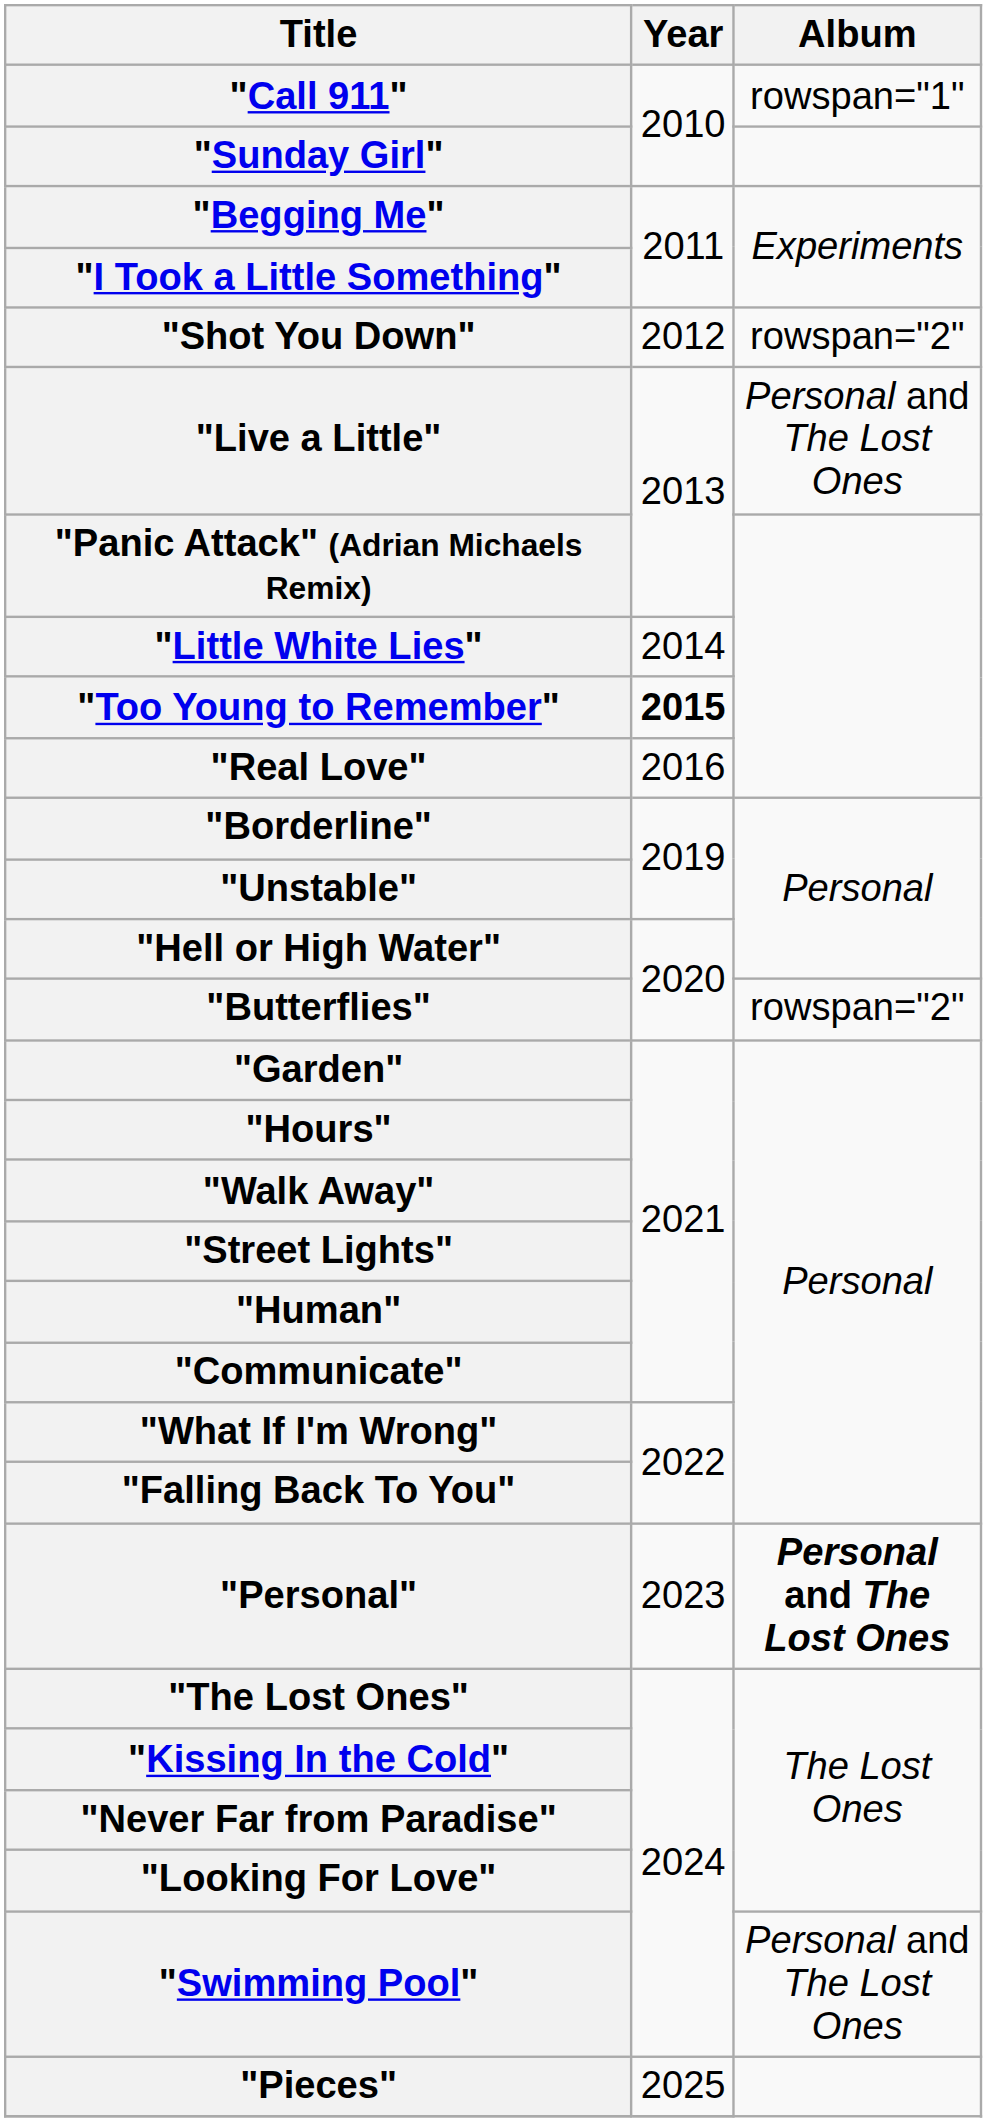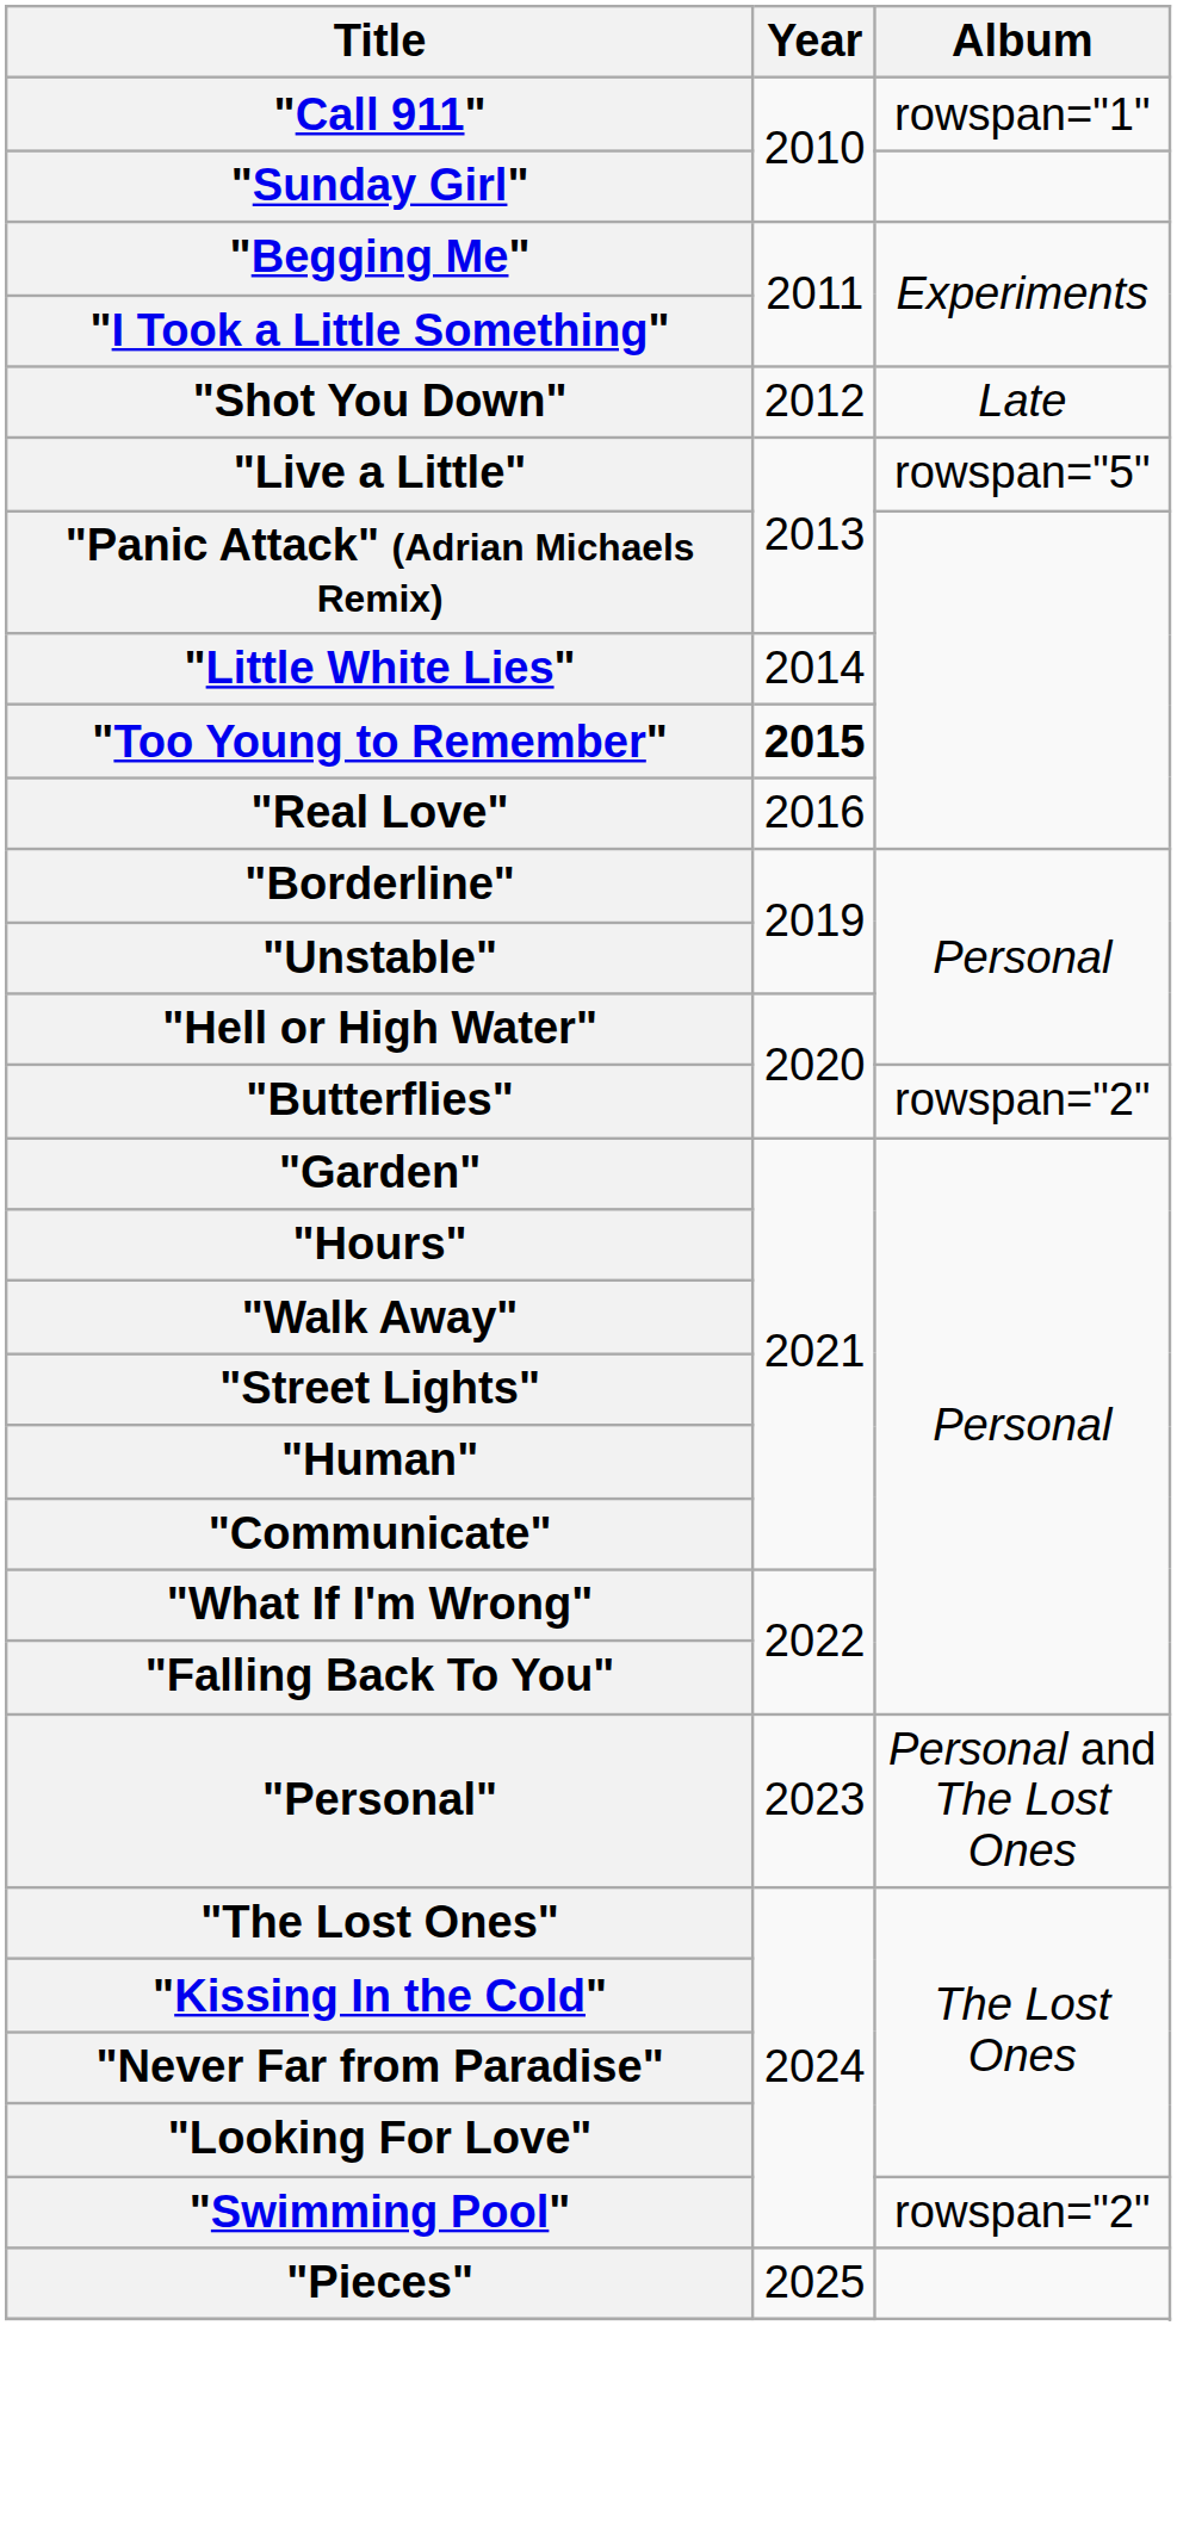 <table class="wikitable plainrowheaders" style="text-align:center;">
 <tr>
 <th scope="col" style="width:16em;">Title</th>
 <th scope="col">Year</th>
 <th scope="col" style="width:6em;">Album</th>
 </tr>
 <tr>
 <th scope="row">"<a href='#'>Call 911</a>"</th>
 <td rowspan="2">2010</td>
 <td>rowspan="1" </td>
 </tr>
 <tr>
 <th scope="row">"<a href='#'>Sunday Girl</a>"</th>
 </tr>
 <tr>
 <th scope="row">"<a href='#'>Begging Me</a>"</th>
 <td rowspan="2">2011</td>
 <td rowspan="2"><em>Experiments</em></td>
 </tr>
 <tr>
 <th scope="row">"<a href='#'>I Took a Little Something</a>"</th>
 </tr>
 <tr>
 <th scope="row">"Shot You Down"</th>
 <td rowspan="1">2012</td>
-<td>rowspan="2" </td>
+<td rowspan="1"><em>Late</em></td>
 </tr>
 <tr>
 <th scope="row">"Live a Little"</th>
 <td rowspan="2">2013</td>
-<td><em>Personal</em> and <em>The Lost Ones</em></td>
+<td>rowspan="5" </td>
 </tr>
 <tr>
 <th scope="row">"Panic Attack" <small>(Adrian Michaels Remix)</small></th>
 </tr>
 <tr>
 <th scope="row">"<a href='#'>Little White Lies</a>"</th>
 <td>2014</td>
 </tr>
 <tr>
 <th scope="row">"<a href='#'>Too Young to Remember</a>"</th>
 <td><strong>2015</strong></td>
 </tr>
 <tr>
 <th scope="row">"Real Love"</th>
 <td>2016</td>
 </tr>
 <tr>
 <th scope="row">"Borderline"</th>
 <td rowspan="2">2019</td>
 <td rowspan="3"><em>Personal</em></td>
 </tr>
 <tr>
 <th scope="row">"Unstable"</th>
 </tr>
 <tr>
 <th scope="row">"Hell or High Water"</th>
 <td rowspan="2">2020</td>
 </tr>
 <tr>
 <th scope="row">"Butterflies"</th>
 <td>rowspan="2" </td>
 </tr>
 <tr>
 <th scope="row">"Garden"</th>
 <td rowspan="6">2021</td>
 <td rowspan="8"><em>Personal</em></td>
 </tr>
 <tr>
 <th scope="row">"Hours"</th>
 </tr>
 <tr>
 <th scope="row">"Walk Away"</th>
 </tr>
 <tr>
 <th scope="row">"Street Lights"</th>
 </tr>
 <tr>
 <th scope="row">"Human"</th>
 </tr>
 <tr>
 <th scope="row">"Communicate"</th>
 </tr>
 <tr>
 <th scope="row">"What If I'm Wrong"</th>
 <td rowspan="2">2022</td>
 </tr>
 <tr>
 <th scope="row">"Falling Back To You"</th>
 </tr>
 <tr>
 <th scope="row">"Personal"</th>
 <td>2023</td>
-<td><strong><em>Personal</em> and <em>The Lost Ones</em></strong></td>
+<td><em>Personal</em> and <em>The Lost Ones</em></td>
 </tr>
 <tr>
 <th scope="row">"The Lost Ones"</th>
 <td rowspan="5">2024</td>
 <td rowspan="4"><em>The Lost Ones</em></td>
 </tr>
 <tr>
 <th scope="row">"<a href='#'>Kissing In the Cold</a>"</th>
 </tr>
 <tr>
 <th scope="row">"Never Far from Paradise"</th>
 </tr>
 <tr>
 <th scope="row">"Looking For Love"</th>
 </tr>
 <tr>
 <th scope="row">"<a href='#'>Swimming Pool</a>"</th>
-<td><em>Personal</em> and <em>The Lost Ones</em></td>
+<td>rowspan="2" </td>
 </tr>
 <tr>
 <th scope="row">"Pieces"</th>
 <td>2025</td>
 </tr>
 <tr>
 </tr>
 </table>
